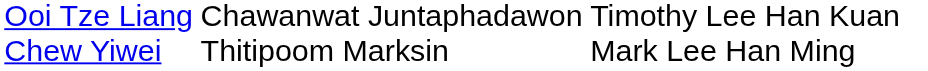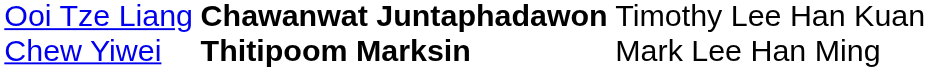 <table>
 <tr>
 <td><br></td>
 <td></td>
 <td></td>
 <td></td>
 </tr>
 <tr>
 <td><br></td>
 <td><br><a href='#'>Ooi Tze Liang</a><br><a href='#'>Chew Yiwei</a></td>
-<td><br>Chawanwat Juntaphadawon<br>Thitipoom Marksin</td>
+<td><strong><br>Chawanwat Juntaphadawon<br>Thitipoom Marksin</strong></td>
 <td><br>Timothy Lee Han Kuan<br>Mark Lee Han Ming</td>
 </tr>
 </table>
